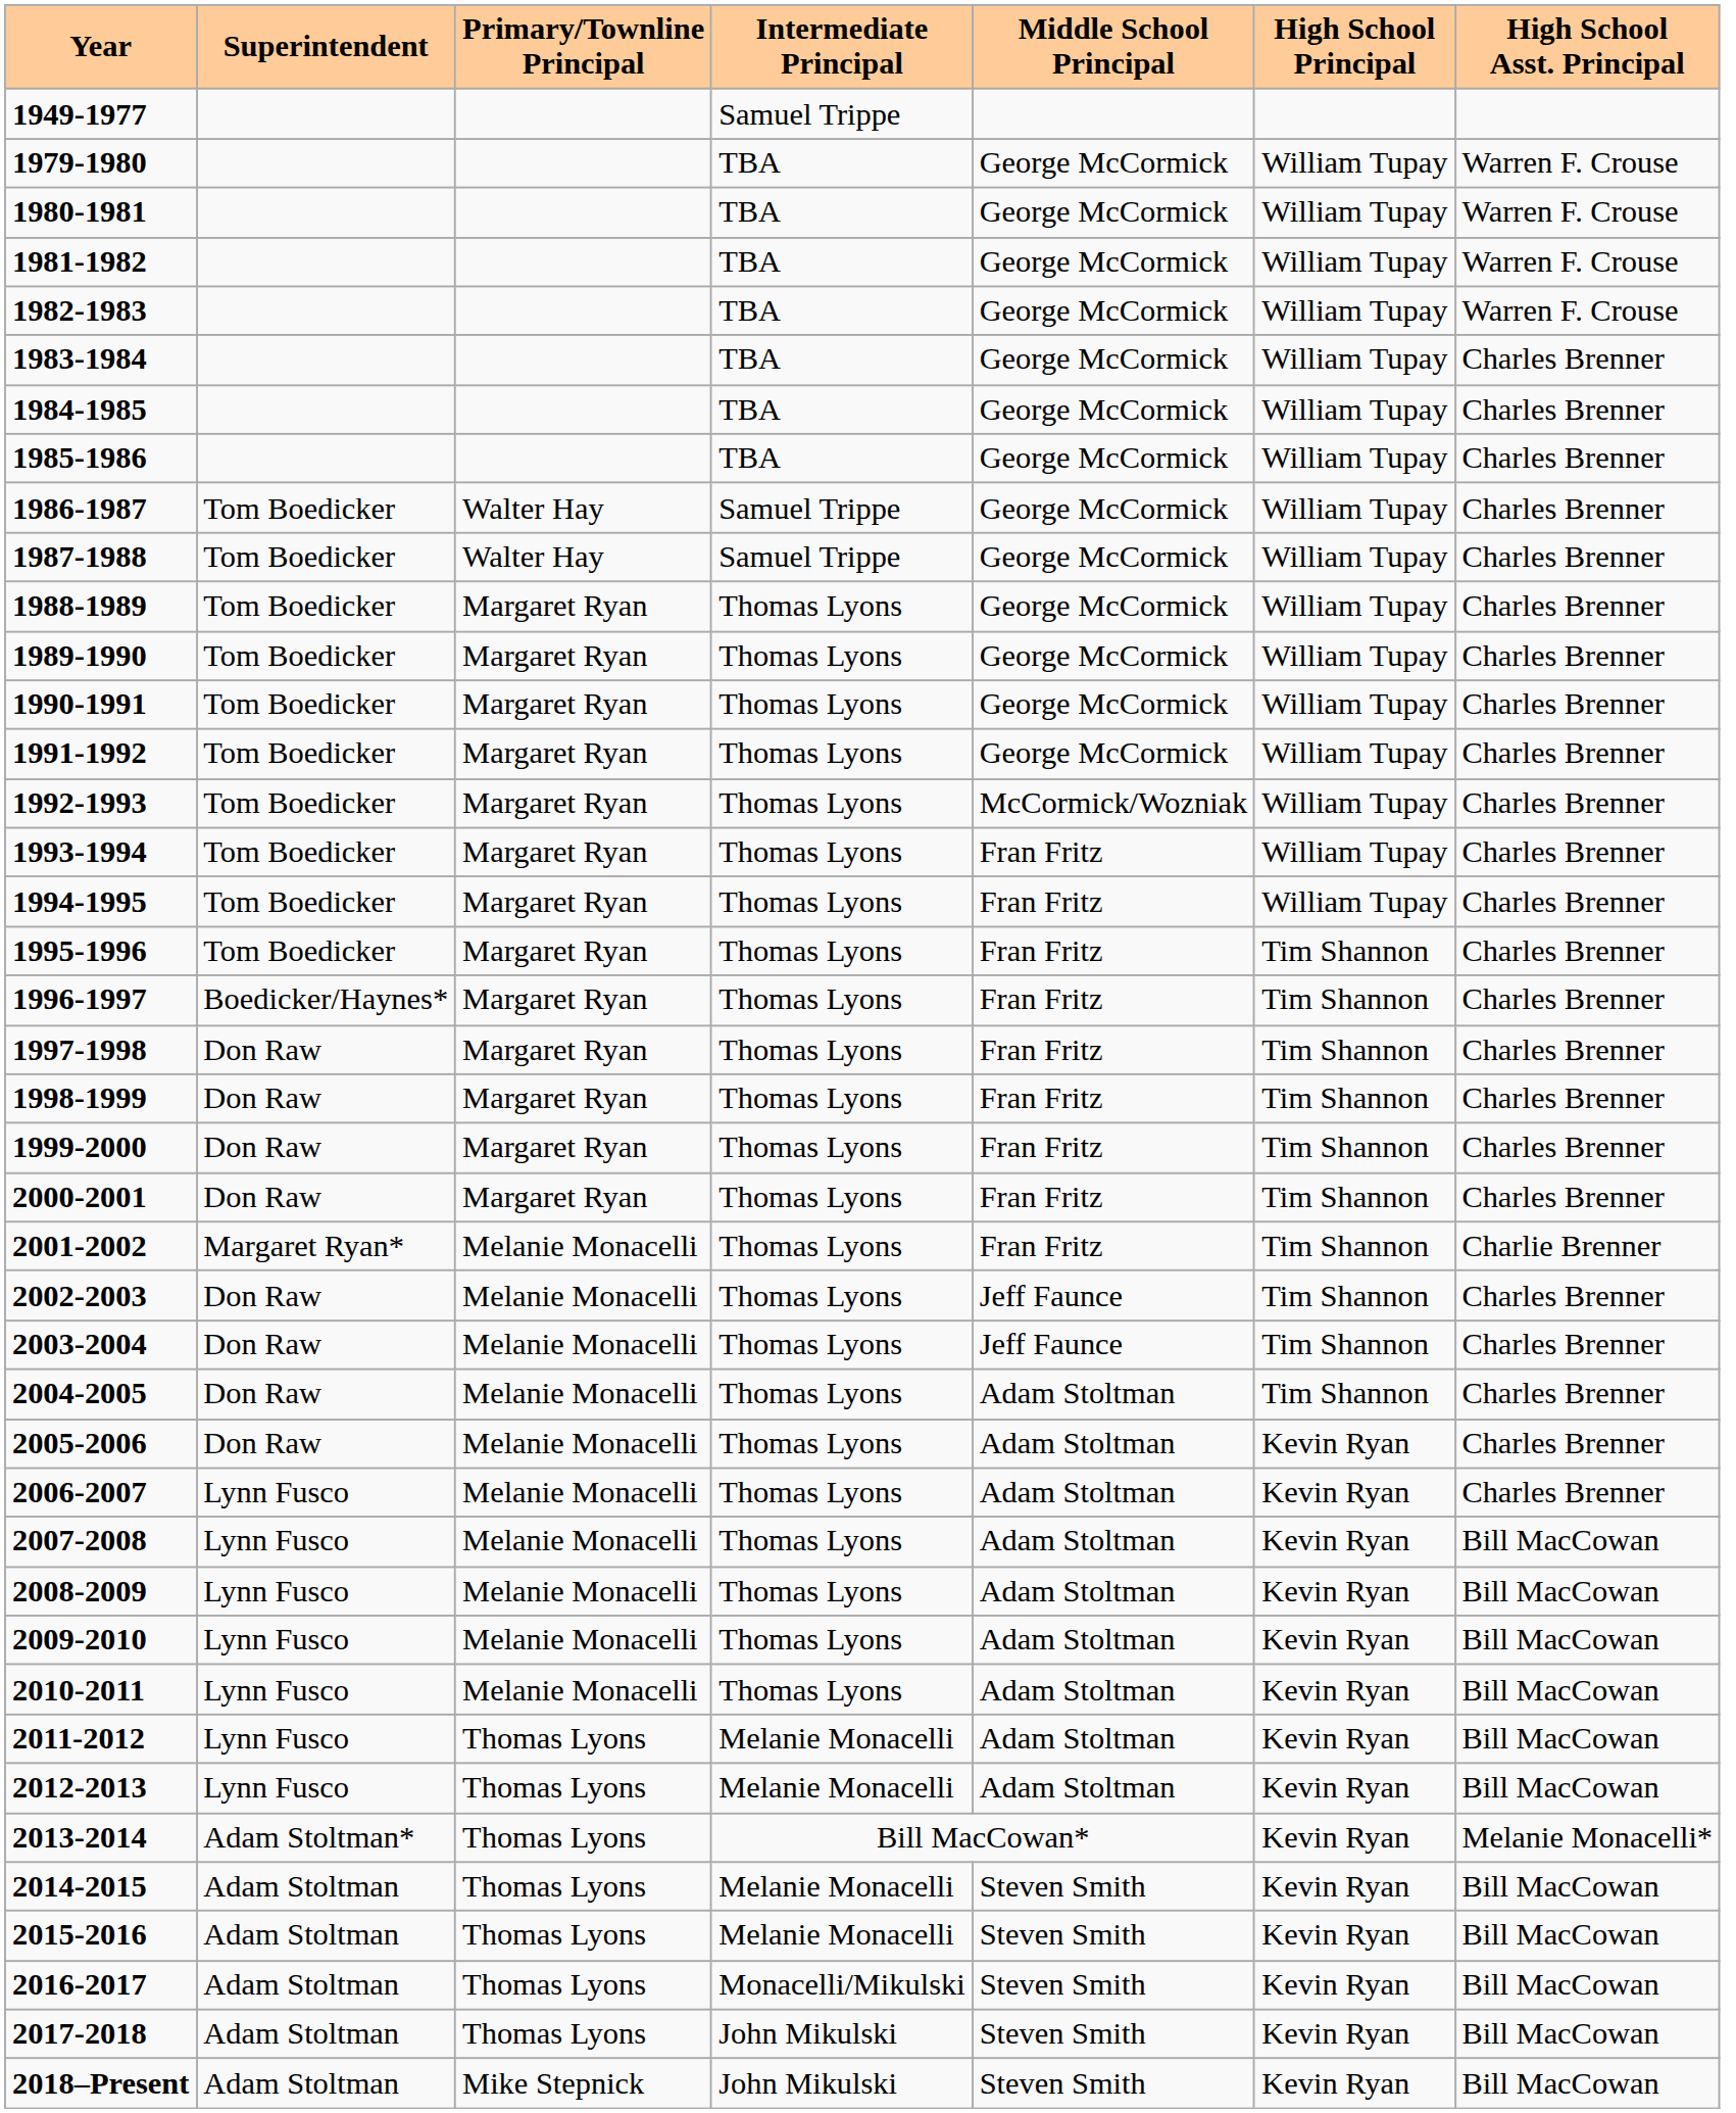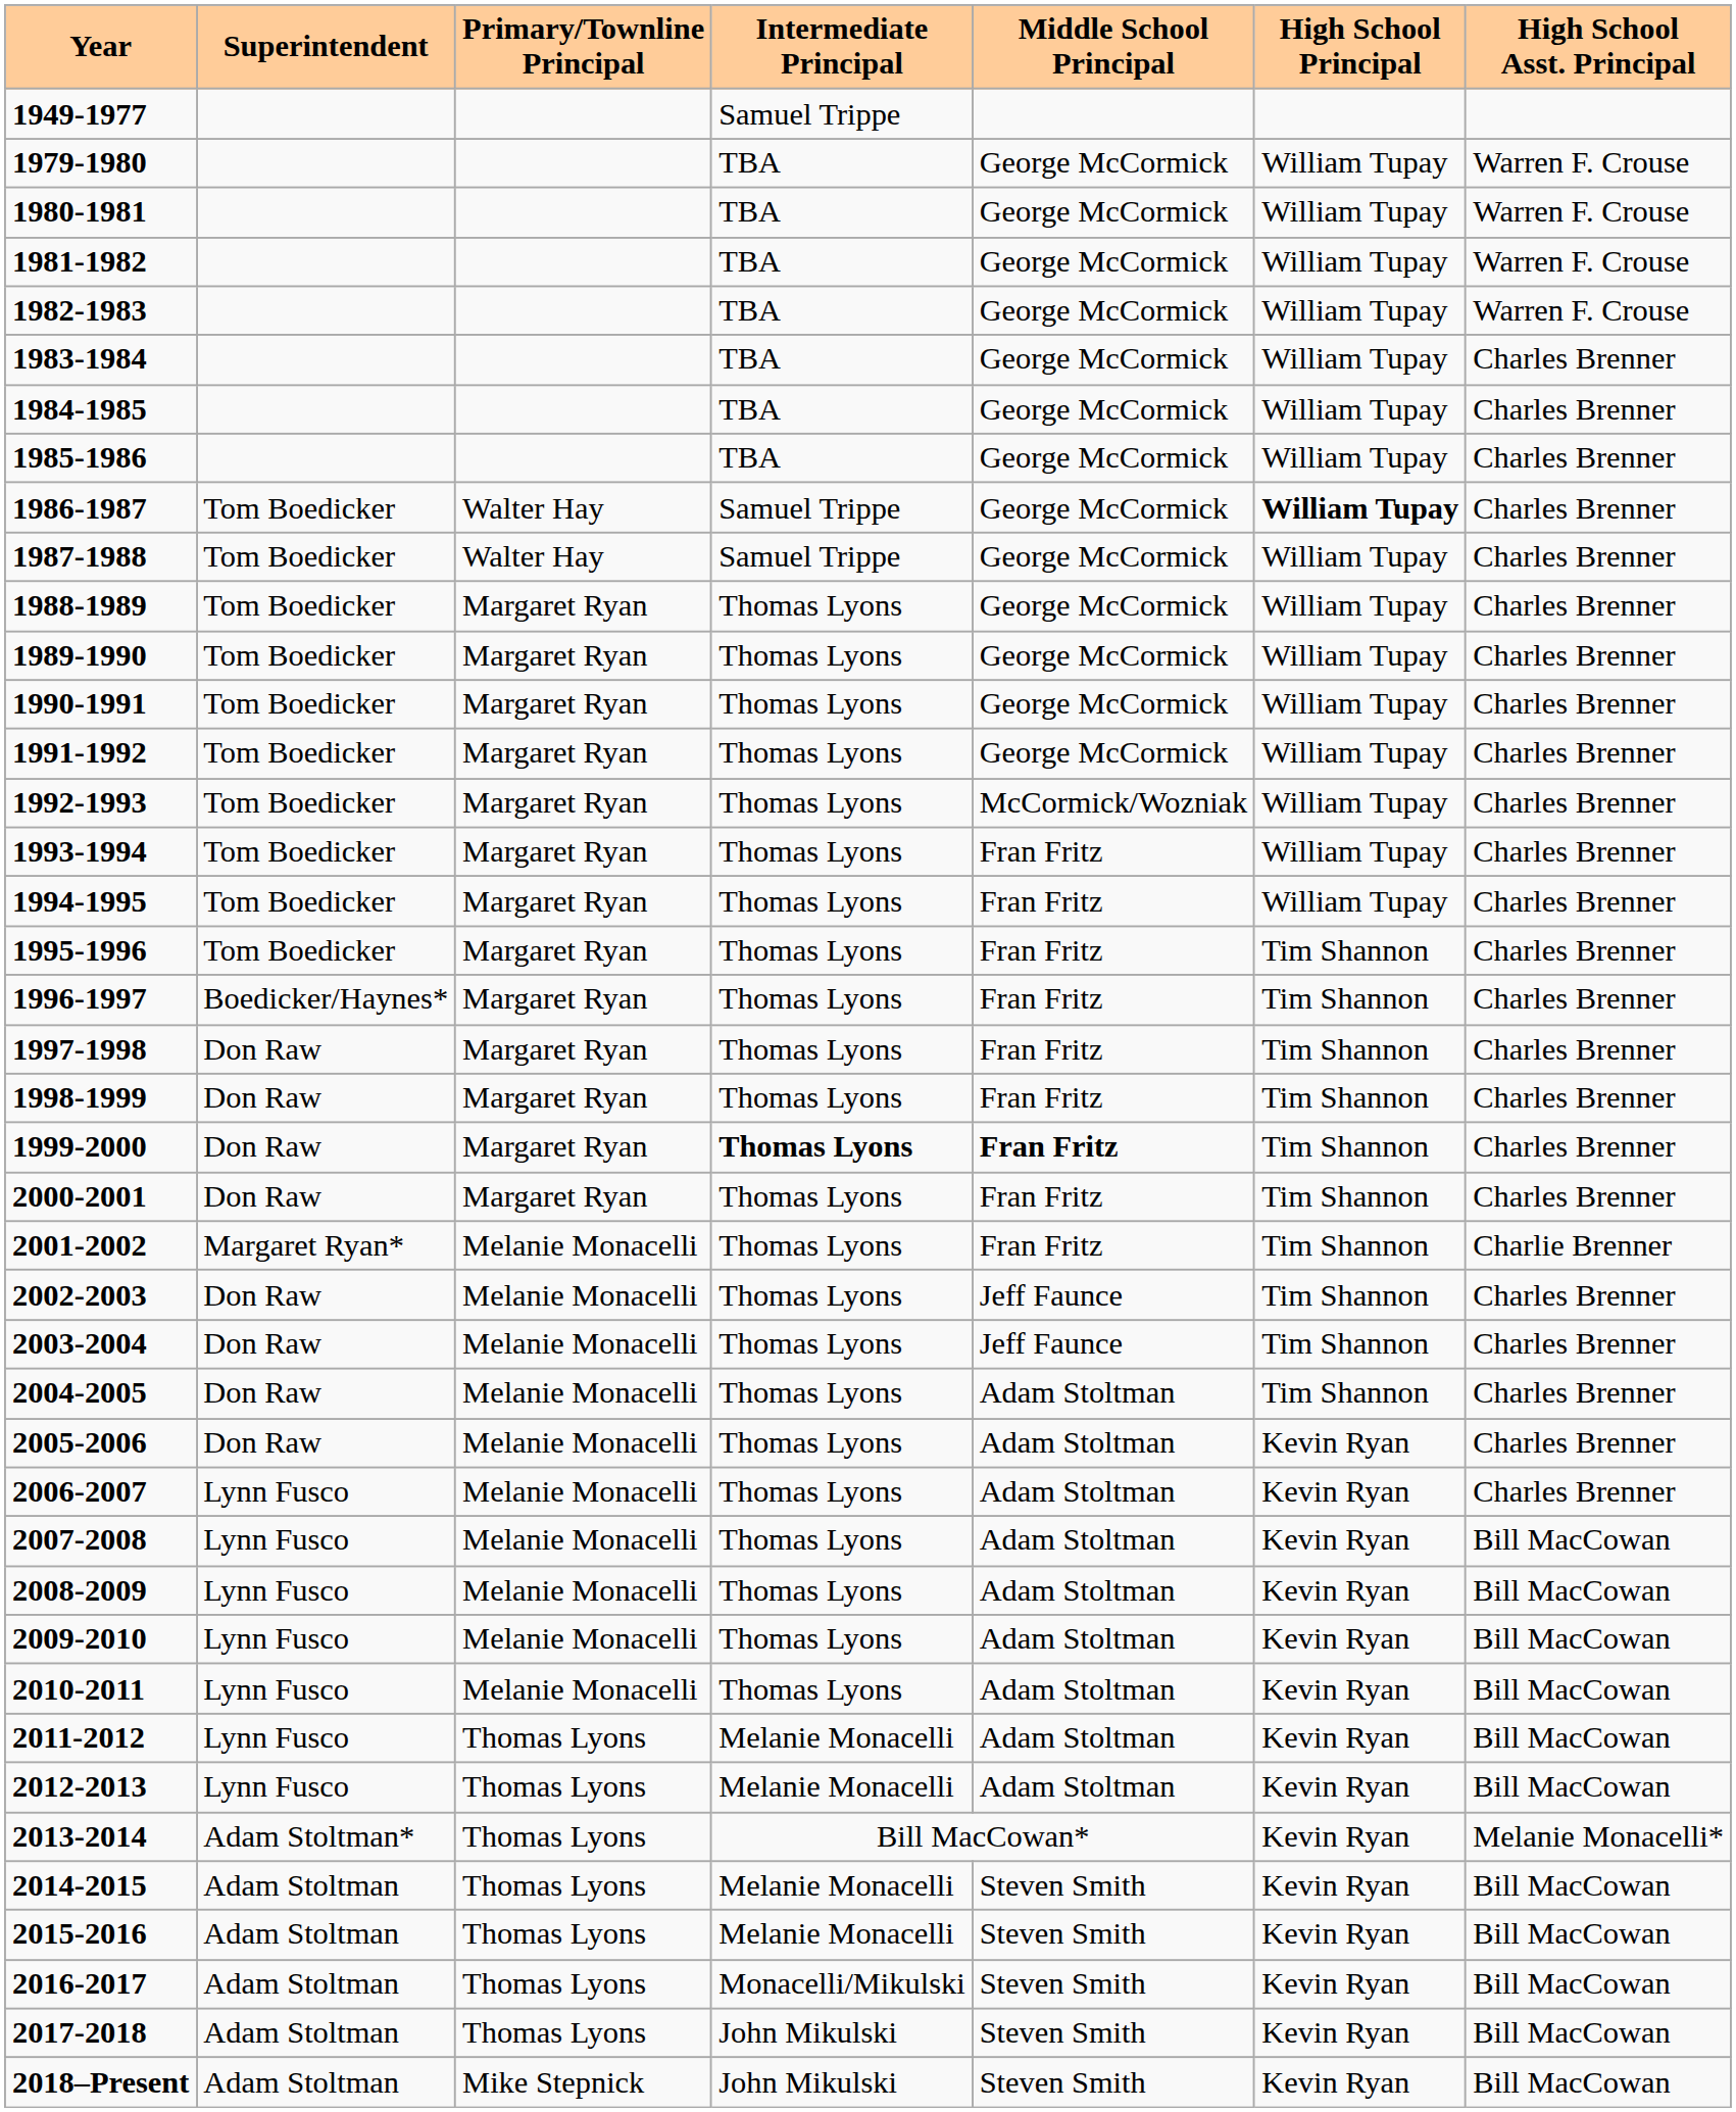 <table class="wikitable">
 <tr>
 <th style="background:#FFCC99;">Year</th>
 <th style="background:#FFCC99;">Superintendent</th>
 <th style="background:#FFCC99;">Primary/Townline<br>Principal</th>
 <th style="background:#FFCC99;">Intermediate<br>Principal</th>
 <th style="background:#FFCC99;">Middle School<br>Principal</th>
 <th style="background:#FFCC99;">High School<br>Principal</th>
 <th style="background:#FFCC99;">High School<br>Asst. Principal</th>
 </tr>
 <tr>
 <td><strong>1949-1977</strong></td>
 <td></td>
 <td></td>
 <td>Samuel Trippe</td>
 <td></td>
 <td></td>
 <td></td>
 </tr>
 <tr>
 <td><strong>1979-1980</strong></td>
 <td></td>
 <td></td>
 <td>TBA</td>
 <td>George McCormick</td>
 <td>William Tupay</td>
 <td>Warren F. Crouse</td>
 </tr>
 <tr>
 <td><strong>1980-1981</strong></td>
 <td></td>
 <td></td>
 <td>TBA</td>
 <td>George McCormick</td>
 <td>William Tupay</td>
 <td>Warren F. Crouse</td>
 </tr>
 <tr>
 <td><strong>1981-1982</strong></td>
 <td></td>
 <td></td>
 <td>TBA</td>
 <td>George McCormick</td>
 <td>William Tupay</td>
 <td>Warren F. Crouse</td>
 </tr>
 <tr>
 <td><strong>1982-1983</strong></td>
 <td></td>
 <td></td>
 <td>TBA</td>
 <td>George McCormick</td>
 <td>William Tupay</td>
 <td>Warren F. Crouse</td>
 </tr>
 <tr>
 <td><strong>1983-1984</strong></td>
 <td></td>
 <td></td>
 <td>TBA</td>
 <td>George McCormick</td>
 <td>William Tupay</td>
 <td>Charles Brenner</td>
 </tr>
 <tr>
 <td><strong>1984-1985</strong></td>
 <td></td>
 <td></td>
 <td>TBA</td>
 <td>George McCormick</td>
 <td>William Tupay</td>
 <td>Charles Brenner</td>
 </tr>
 <tr>
 <td><strong>1985-1986</strong></td>
 <td></td>
 <td></td>
 <td>TBA</td>
 <td>George McCormick</td>
 <td>William Tupay</td>
 <td>Charles Brenner</td>
 </tr>
 <tr>
 <td><strong>1986-1987</strong></td>
 <td>Tom Boedicker</td>
 <td>Walter Hay</td>
 <td>Samuel Trippe</td>
 <td>George McCormick</td>
-<td>William Tupay</td>
+<td><strong>William Tupay</strong></td>
 <td>Charles Brenner</td>
 </tr>
 <tr>
 <td><strong>1987-1988</strong></td>
 <td>Tom Boedicker</td>
 <td>Walter Hay</td>
 <td>Samuel Trippe</td>
 <td>George McCormick</td>
 <td>William Tupay</td>
 <td>Charles Brenner</td>
 </tr>
 <tr>
 <td><strong>1988-1989</strong></td>
 <td>Tom Boedicker</td>
 <td>Margaret Ryan</td>
 <td>Thomas Lyons</td>
 <td>George McCormick</td>
 <td>William Tupay</td>
 <td>Charles Brenner</td>
 </tr>
 <tr>
 <td><strong>1989-1990</strong></td>
 <td>Tom Boedicker</td>
 <td>Margaret Ryan</td>
 <td>Thomas Lyons</td>
 <td>George McCormick</td>
 <td>William Tupay</td>
 <td>Charles Brenner</td>
 </tr>
 <tr>
 <td><strong>1990-1991</strong></td>
 <td>Tom Boedicker</td>
 <td>Margaret Ryan</td>
 <td>Thomas Lyons</td>
 <td>George McCormick</td>
 <td>William Tupay</td>
 <td>Charles Brenner</td>
 </tr>
 <tr>
 <td><strong>1991-1992</strong></td>
 <td>Tom Boedicker</td>
 <td>Margaret Ryan</td>
 <td>Thomas Lyons</td>
 <td>George McCormick</td>
 <td>William Tupay</td>
 <td>Charles Brenner</td>
 </tr>
 <tr>
 <td><strong>1992-1993</strong></td>
 <td>Tom Boedicker</td>
 <td>Margaret Ryan</td>
 <td>Thomas Lyons</td>
 <td>McCormick/Wozniak</td>
 <td>William Tupay</td>
 <td>Charles Brenner</td>
 </tr>
 <tr>
 <td><strong>1993-1994</strong></td>
 <td>Tom Boedicker</td>
 <td>Margaret Ryan</td>
 <td>Thomas Lyons</td>
 <td>Fran Fritz</td>
 <td>William Tupay</td>
 <td>Charles Brenner</td>
 </tr>
 <tr>
 <td><strong>1994-1995</strong></td>
 <td>Tom Boedicker</td>
 <td>Margaret Ryan</td>
 <td>Thomas Lyons</td>
 <td>Fran Fritz</td>
 <td>William Tupay</td>
 <td>Charles Brenner</td>
 </tr>
 <tr>
 <td><strong>1995-1996</strong></td>
 <td>Tom Boedicker</td>
 <td>Margaret Ryan</td>
 <td>Thomas Lyons</td>
 <td>Fran Fritz</td>
 <td>Tim Shannon</td>
 <td>Charles Brenner</td>
 </tr>
 <tr>
 <td><strong>1996-1997</strong></td>
 <td>Boedicker/Haynes*</td>
 <td>Margaret Ryan</td>
 <td>Thomas Lyons</td>
 <td>Fran Fritz</td>
 <td>Tim Shannon</td>
 <td>Charles Brenner</td>
 </tr>
 <tr>
 <td><strong>1997-1998</strong></td>
 <td>Don Raw</td>
 <td>Margaret Ryan</td>
 <td>Thomas Lyons</td>
 <td>Fran Fritz</td>
 <td>Tim Shannon</td>
 <td>Charles Brenner</td>
 </tr>
 <tr>
 <td><strong>1998-1999</strong></td>
 <td>Don Raw</td>
 <td>Margaret Ryan</td>
 <td>Thomas Lyons</td>
 <td>Fran Fritz</td>
 <td>Tim Shannon</td>
 <td>Charles Brenner</td>
 </tr>
 <tr>
 <td><strong>1999-2000</strong></td>
 <td>Don Raw</td>
 <td>Margaret Ryan</td>
-<td>Thomas Lyons</td>
-<td>Fran Fritz</td>
+<td><strong>Thomas Lyons</strong></td>
+<td><strong>Fran Fritz</strong></td>
 <td>Tim Shannon</td>
 <td>Charles Brenner</td>
 </tr>
 <tr>
 <td><strong>2000-2001</strong></td>
 <td>Don Raw</td>
 <td>Margaret Ryan</td>
 <td>Thomas Lyons</td>
 <td>Fran Fritz</td>
 <td>Tim Shannon</td>
 <td>Charles Brenner</td>
 </tr>
 <tr>
 <td><strong>2001-2002</strong></td>
 <td>Margaret Ryan*</td>
 <td>Melanie Monacelli</td>
 <td>Thomas Lyons</td>
 <td>Fran Fritz</td>
 <td>Tim Shannon</td>
 <td>Charlie Brenner</td>
 </tr>
 <tr>
 <td><strong>2002-2003</strong></td>
 <td>Don Raw</td>
 <td>Melanie Monacelli</td>
 <td>Thomas Lyons</td>
 <td>Jeff Faunce</td>
 <td>Tim Shannon</td>
 <td>Charles Brenner</td>
 </tr>
 <tr>
 <td><strong>2003-2004</strong></td>
 <td>Don Raw</td>
 <td>Melanie Monacelli</td>
 <td>Thomas Lyons</td>
 <td>Jeff Faunce</td>
 <td>Tim Shannon</td>
 <td>Charles Brenner</td>
 </tr>
 <tr>
 <td><strong>2004-2005</strong></td>
 <td>Don Raw</td>
 <td>Melanie Monacelli</td>
 <td>Thomas Lyons</td>
 <td>Adam Stoltman</td>
 <td>Tim Shannon</td>
 <td>Charles Brenner</td>
 </tr>
 <tr>
 <td><strong>2005-2006</strong></td>
 <td>Don Raw</td>
 <td>Melanie Monacelli</td>
 <td>Thomas Lyons</td>
 <td>Adam Stoltman</td>
 <td>Kevin Ryan</td>
 <td>Charles Brenner</td>
 </tr>
 <tr>
 <td><strong>2006-2007</strong></td>
 <td>Lynn Fusco</td>
 <td>Melanie Monacelli</td>
 <td>Thomas Lyons</td>
 <td>Adam Stoltman</td>
 <td>Kevin Ryan</td>
 <td>Charles Brenner</td>
 </tr>
 <tr>
 <td><strong>2007-2008</strong></td>
 <td>Lynn Fusco</td>
 <td>Melanie Monacelli</td>
 <td>Thomas Lyons</td>
 <td>Adam Stoltman</td>
 <td>Kevin Ryan</td>
 <td>Bill MacCowan</td>
 </tr>
 <tr>
 <td><strong>2008-2009</strong></td>
 <td>Lynn Fusco</td>
 <td>Melanie Monacelli</td>
 <td>Thomas Lyons</td>
 <td>Adam Stoltman</td>
 <td>Kevin Ryan</td>
 <td>Bill MacCowan</td>
 </tr>
 <tr>
 <td><strong>2009-2010</strong></td>
 <td>Lynn Fusco</td>
 <td>Melanie Monacelli</td>
 <td>Thomas Lyons</td>
 <td>Adam Stoltman</td>
 <td>Kevin Ryan</td>
 <td>Bill MacCowan</td>
 </tr>
 <tr>
 <td><strong>2010-2011</strong></td>
 <td>Lynn Fusco</td>
 <td>Melanie Monacelli</td>
 <td>Thomas Lyons</td>
 <td>Adam Stoltman</td>
 <td>Kevin Ryan</td>
 <td>Bill MacCowan</td>
 </tr>
 <tr>
 <td><strong>2011-2012</strong></td>
 <td>Lynn Fusco</td>
 <td>Thomas Lyons</td>
 <td>Melanie Monacelli</td>
 <td>Adam Stoltman</td>
 <td>Kevin Ryan</td>
 <td>Bill MacCowan</td>
 </tr>
 <tr>
 <td><strong>2012-2013</strong></td>
 <td>Lynn Fusco</td>
 <td>Thomas Lyons</td>
 <td>Melanie Monacelli</td>
 <td>Adam Stoltman</td>
 <td>Kevin Ryan</td>
 <td>Bill MacCowan</td>
 </tr>
 <tr>
 <td><strong>2013-2014</strong></td>
 <td>Adam Stoltman*</td>
 <td>Thomas Lyons</td>
 <td colspan=2 align="center">Bill MacCowan*</td>
 <td>Kevin Ryan</td>
 <td>Melanie Monacelli*</td>
 </tr>
 <tr>
 <td><strong>2014-2015</strong></td>
 <td>Adam Stoltman</td>
 <td>Thomas Lyons</td>
 <td>Melanie Monacelli</td>
 <td>Steven Smith</td>
 <td>Kevin Ryan</td>
 <td>Bill MacCowan</td>
 </tr>
 <tr>
 <td><strong>2015-2016</strong></td>
 <td>Adam Stoltman</td>
 <td>Thomas Lyons</td>
 <td>Melanie Monacelli</td>
 <td>Steven Smith</td>
 <td>Kevin Ryan</td>
 <td>Bill MacCowan</td>
 </tr>
 <tr>
 <td><strong>2016-2017</strong></td>
 <td>Adam Stoltman</td>
 <td>Thomas Lyons</td>
 <td>Monacelli/Mikulski</td>
 <td>Steven Smith</td>
 <td>Kevin Ryan</td>
 <td>Bill MacCowan</td>
 </tr>
 <tr>
 <td><strong>2017-2018</strong></td>
 <td>Adam Stoltman</td>
 <td>Thomas Lyons</td>
 <td>John Mikulski</td>
 <td>Steven Smith</td>
 <td>Kevin Ryan</td>
 <td>Bill MacCowan</td>
 </tr>
 <tr>
 <td><strong>2018–Present</strong></td>
 <td>Adam Stoltman</td>
 <td>Mike Stepnick</td>
 <td>John Mikulski</td>
 <td>Steven Smith</td>
 <td>Kevin Ryan</td>
 <td>Bill MacCowan</td>
 </tr>
 </table>
